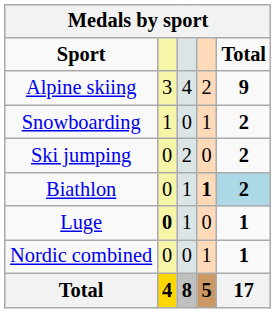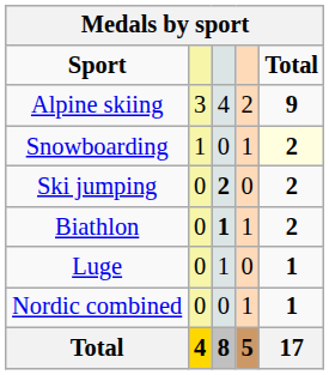 <table class="wikitable" style="font-size:85%;float:right;clear:right;">
 <tr style="background:#efefef;">
 <th colspan=5>Medals by sport</th>
 </tr>
 <tr align=center>
 <td><strong>Sport</strong></td>
 <td bgcolor=#f7f6a8></td>
 <td bgcolor=#dce5e5></td>
 <td bgcolor=#ffdab9></td>
 <td><strong>Total</strong></td>
 </tr>
 <tr align=center>
 <td><a href='#'>Alpine skiing</a></td>
 <td style="background:#F7F6A8;">3</td>
 <td style="background:#DCE5E5;">4</td>
 <td style="background:#FFDAB9;">2</td>
 <td><strong>9</strong></td>
 </tr>
 <tr align=center>
 <td><a href='#'>Snowboarding</a></td>
 <td style="background:#F7F6A8;">1</td>
 <td style="background:#DCE5E5;">0</td>
 <td style="background:#FFDAB9;">1</td>
-<td><strong>2</strong></td>
+<td style="background: lightyellow;"><strong>2</strong></td>
 </tr>
 <tr align=center>
 <td><a href='#'>Ski jumping</a></td>
 <td style="background:#F7F6A8;">0</td>
-<td style="background:#DCE5E5;">2</td>
+<td style="background:#DCE5E5;"><strong>2</strong></td>
 <td style="background:#FFDAB9;">0</td>
 <td><strong>2</strong></td>
 </tr>
 <tr align=center>
 <td><a href='#'>Biathlon</a></td>
 <td style="background:#F7F6A8;">0</td>
-<td style="background:#DCE5E5;">1</td>
-<td style="background:#FFDAB9;"><strong>1</strong></td>
-<td style="background: lightblue;"><strong>2</strong></td>
+<td style="background:#DCE5E5;"><strong>1</strong></td>
+<td style="background:#FFDAB9;">1</td>
+<td><strong>2</strong></td>
 </tr>
 <tr align=center>
 <td><a href='#'>Luge</a></td>
-<td style="background:#F7F6A8;"><strong>0</strong></td>
+<td style="background:#F7F6A8;">0</td>
 <td style="background:#DCE5E5;">1</td>
 <td style="background:#FFDAB9;">0</td>
 <td><strong>1</strong></td>
 </tr>
 <tr align=center>
 <td><a href='#'>Nordic combined</a></td>
 <td style="background:#F7F6A8;">0</td>
 <td style="background:#DCE5E5;">0</td>
 <td style="background:#FFDAB9;">1</td>
 <td><strong>1</strong></td>
 </tr>
 <tr align=center>
 <th>Total</th>
 <th style="background:gold;">4</th>
 <th style="background:silver;">8</th>
 <th style="background:#c96;">5</th>
 <th>17</th>
 </tr>
 </table>
